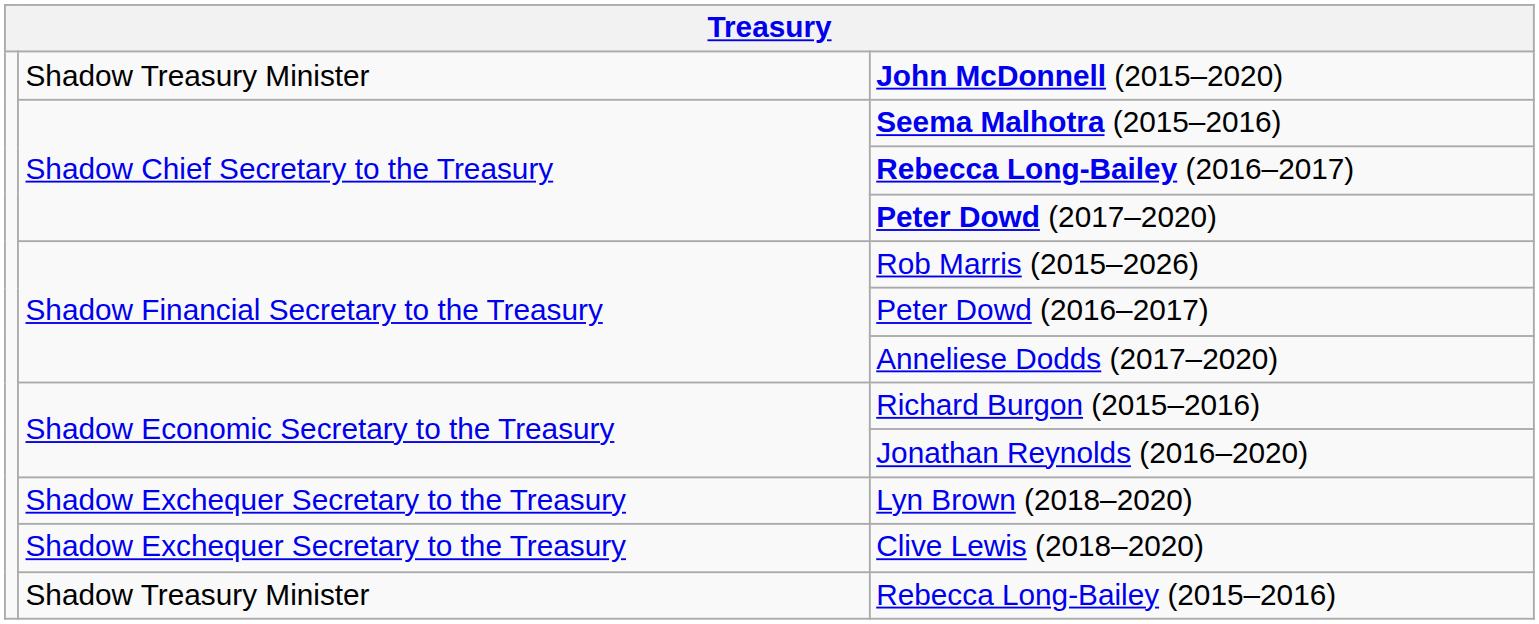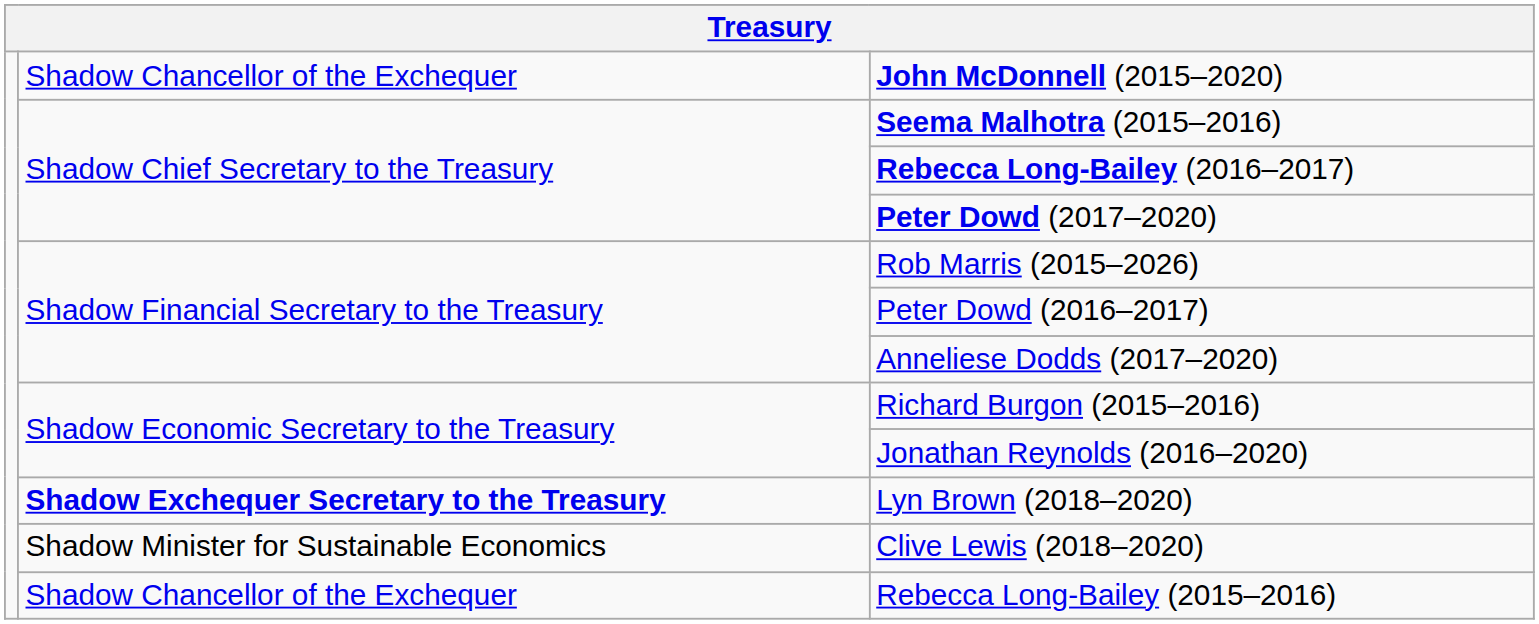 <table class="wikitable">
 <tr>
 <th colspan="4"><a href='#'>Treasury</a></th>
 </tr>
 <tr>
 <td rowspan="12" style="background: "></td>
-<td>Shadow Treasury Minister</td>
+<td style="width: 450px;"><a href='#'>Shadow Chancellor of the Exchequer</a></td>
 <td style="width: 350px;"><strong><a href='#'>John McDonnell</a></strong> (2015–2020)</td>
 </tr>
 <tr>
 <td rowspan="3" style="width: 450px;"><a href='#'>Shadow Chief Secretary to the Treasury</a></td>
 <td style="width: 350px;"><strong><a href='#'>Seema Malhotra</a></strong> (2015–2016)</td>
 </tr>
 <tr>
 <td><strong><a href='#'>Rebecca Long-Bailey</a></strong> (2016–2017)</td>
 </tr>
 <tr>
 <td><strong><a href='#'>Peter Dowd</a></strong> (2017–2020)</td>
 </tr>
 <tr>
 <td rowspan="3"><a href='#'>Shadow Financial Secretary to the Treasury</a></td>
 <td><a href='#'>Rob Marris</a> (2015–2026)</td>
 </tr>
 <tr>
 <td><a href='#'>Peter Dowd</a> (2016–2017)</td>
 </tr>
 <tr>
 <td><a href='#'>Anneliese Dodds</a> (2017–2020)</td>
 </tr>
 <tr>
 <td rowspan="2"><a href='#'>Shadow Economic Secretary to the Treasury</a></td>
 <td><a href='#'>Richard Burgon</a> (2015–2016)</td>
 </tr>
 <tr>
 <td><a href='#'>Jonathan Reynolds</a> (2016–2020)</td>
 </tr>
 <tr>
-<td><a href='#'>Shadow Exchequer Secretary to the Treasury</a></td>
+<td><strong><a href='#'>Shadow Exchequer Secretary to the Treasury</a></strong></td>
 <td><a href='#'>Lyn Brown</a> (2018–2020)</td>
 </tr>
 <tr>
-<td><a href='#'>Shadow Exchequer Secretary to the Treasury</a></td>
+<td>Shadow Minister for Sustainable Economics</td>
 <td><a href='#'>Clive Lewis</a> (2018–2020)</td>
 </tr>
 <tr>
-<td>Shadow Treasury Minister</td>
+<td style="width: 450px;"><a href='#'>Shadow Chancellor of the Exchequer</a></td>
 <td><a href='#'>Rebecca Long-Bailey</a> (2015–2016)</td>
 </tr>
 </table>
